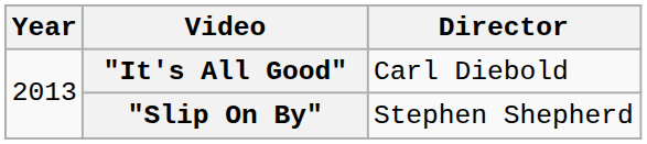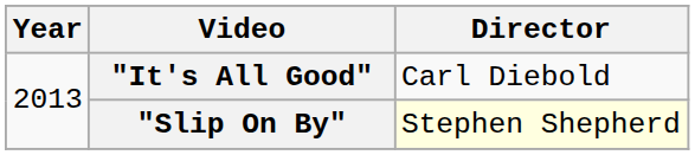 <table class="wikitable plainrowheaders">
 <tr>
 <th>Year</th>
 <th style="width:10em;">Video</th>
 <th>Director</th>
 </tr>
 <tr>
 <td rowspan="2">2013</td>
 <th scope="row">"It's All Good"</th>
 <td>Carl Diebold</td>
 </tr>
 <tr>
 <th scope="row">"Slip On By"</th>
-<td>Stephen Shepherd</td>
+<td style="background: lightyellow;">Stephen Shepherd</td>
 </tr>
 </table>
